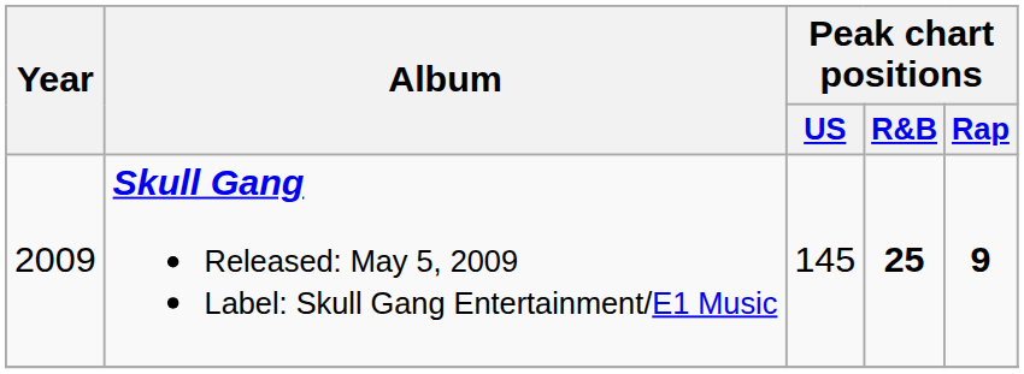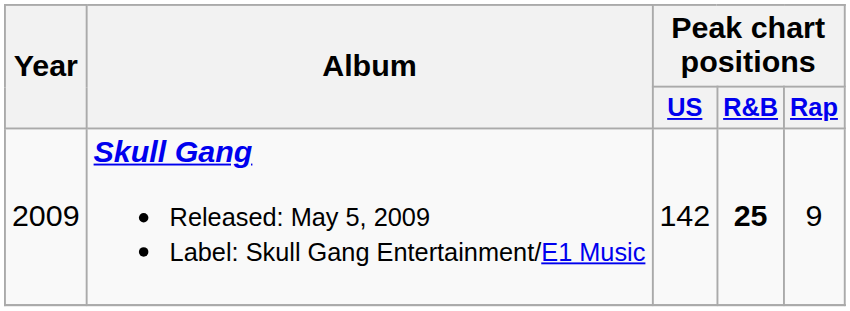 <table class="wikitable" style=text-align:center;>
 <tr>
 <th rowspan=2>Year</th>
 <th rowspan=2>Album</th>
 <th colspan=13>Peak chart positions</th>
 </tr>
 <tr style=font-size:smaller;>
 <th width=25><a href='#'>US</a></th>
 <th width=25><a href='#'>R&B</a></th>
 <th width=25><a href='#'>Rap</a></th>
 </tr>
 <tr>
 <td>2009</td>
 <td align="left"><strong><em><a href='#'>Skull Gang</a></em></strong><br><ul><li><small>Released: May 5, 2009</small></li><li><small>Label: Skull Gang Entertainment/<a href='#'>E1 Music</a></small></li></ul></td>
-<td align="center">145</td>
+<td align="center">142</td>
 <td align="center"><strong>25</strong></td>
-<td align="center"><strong>9</strong></td>
+<td align="center">9</td>
 </tr>
 <tr>
 </tr>
 </table>
